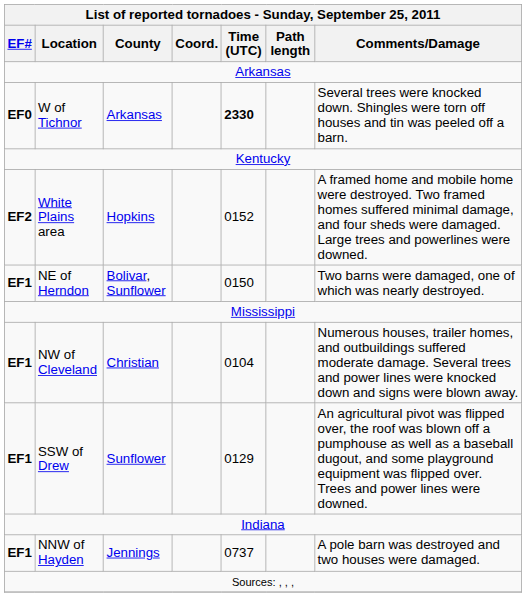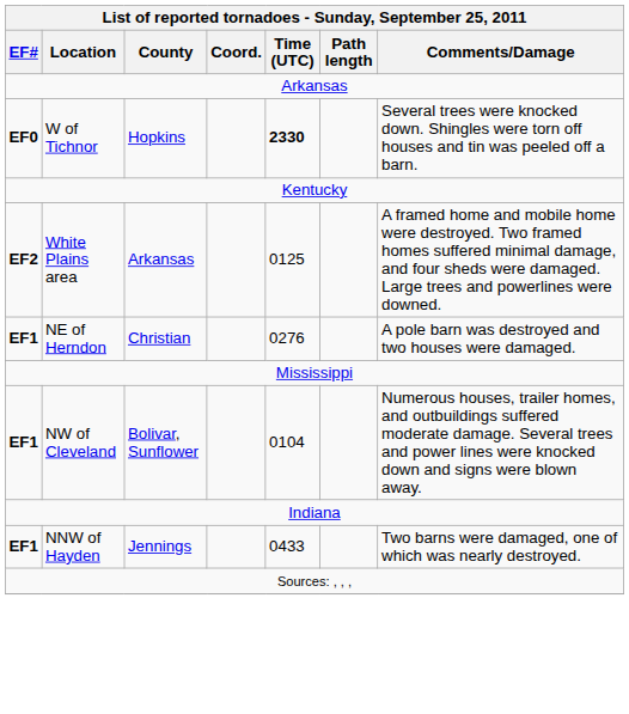 <table class="wikitable collapsible" width="100%">
 <tr>
 <th colspan="7">List of reported tornadoes - Sunday, September 25, 2011</th>
 </tr>
 <tr>
 <th><a href='#'>EF#</a></th>
 <th>Location</th>
 <th>County</th>
 <th>Coord.</th>
 <th>Time (UTC)</th>
 <th>Path length</th>
 <th>Comments/Damage</th>
 </tr>
 <tr>
 <td colspan="7" align=center><a href='#'>Arkansas</a></td>
 </tr>
 <tr>
 <td><strong>EF0</strong></td>
 <td>W of <a href='#'>Tichnor</a></td>
-<td><a href='#'>Arkansas</a></td>
+<td><a href='#'>Hopkins</a></td>
 <td></td>
 <td><strong>2330</strong></td>
 <td></td>
 <td>Several trees were knocked down. Shingles were torn off houses and tin was peeled off a barn.</td>
 </tr>
 <tr>
 <td colspan="7" align=center><a href='#'>Kentucky</a></td>
 </tr>
 <tr>
 <td><strong>EF2</strong></td>
 <td><a href='#'>White Plains</a> area</td>
-<td><a href='#'>Hopkins</a></td>
+<td><a href='#'>Arkansas</a></td>
 <td></td>
-<td>0152</td>
+<td>0125</td>
 <td></td>
 <td>A framed home and mobile home were destroyed. Two framed homes suffered minimal damage, and four sheds were damaged. Large trees and powerlines were downed.</td>
 </tr>
 <tr>
 <td><strong>EF1</strong></td>
 <td>NE of <a href='#'>Herndon</a></td>
-<td><a href='#'>Bolivar</a>, <a href='#'>Sunflower</a></td>
+<td><a href='#'>Christian</a></td>
 <td></td>
-<td>0150</td>
+<td>0276</td>
 <td></td>
-<td>Two barns were damaged, one of which was nearly destroyed.</td>
+<td>A pole barn was destroyed and two houses were damaged.</td>
 </tr>
 <tr>
 <td colspan="7" align=center><a href='#'>Mississippi</a></td>
 </tr>
 <tr>
 <td><strong>EF1</strong></td>
 <td>NW of <a href='#'>Cleveland</a></td>
-<td><a href='#'>Christian</a></td>
+<td><a href='#'>Bolivar</a>, <a href='#'>Sunflower</a></td>
 <td></td>
 <td>0104</td>
 <td></td>
 <td>Numerous houses, trailer homes, and outbuildings suffered moderate damage. Several trees and power lines were knocked down and signs were blown away.</td>
-</tr>
-<tr>
-<td><strong>EF1</strong></td>
-<td>SSW of <a href='#'>Drew</a></td>
-<td><a href='#'>Sunflower</a></td>
-<td></td>
-<td>0129</td>
-<td></td>
-<td>An agricultural pivot was flipped over, the roof was blown off a pumphouse as well as a baseball dugout, and some playground equipment was flipped over. Trees and power lines were downed.</td>
 </tr>
 <tr>
 <td colspan="7" align=center><a href='#'>Indiana</a></td>
 </tr>
 <tr>
 <td><strong>EF1</strong></td>
 <td>NNW of <a href='#'>Hayden</a></td>
 <td><a href='#'>Jennings</a></td>
 <td></td>
-<td>0737</td>
+<td>0433</td>
 <td></td>
-<td>A pole barn was destroyed and two houses were damaged.</td>
+<td>Two barns were damaged, one of which was nearly destroyed.</td>
 </tr>
 <tr>
 <td colspan="7" align=center><small>Sources: , , , </small></td>
 </tr>
 <tr>
 </tr>
 </table>
